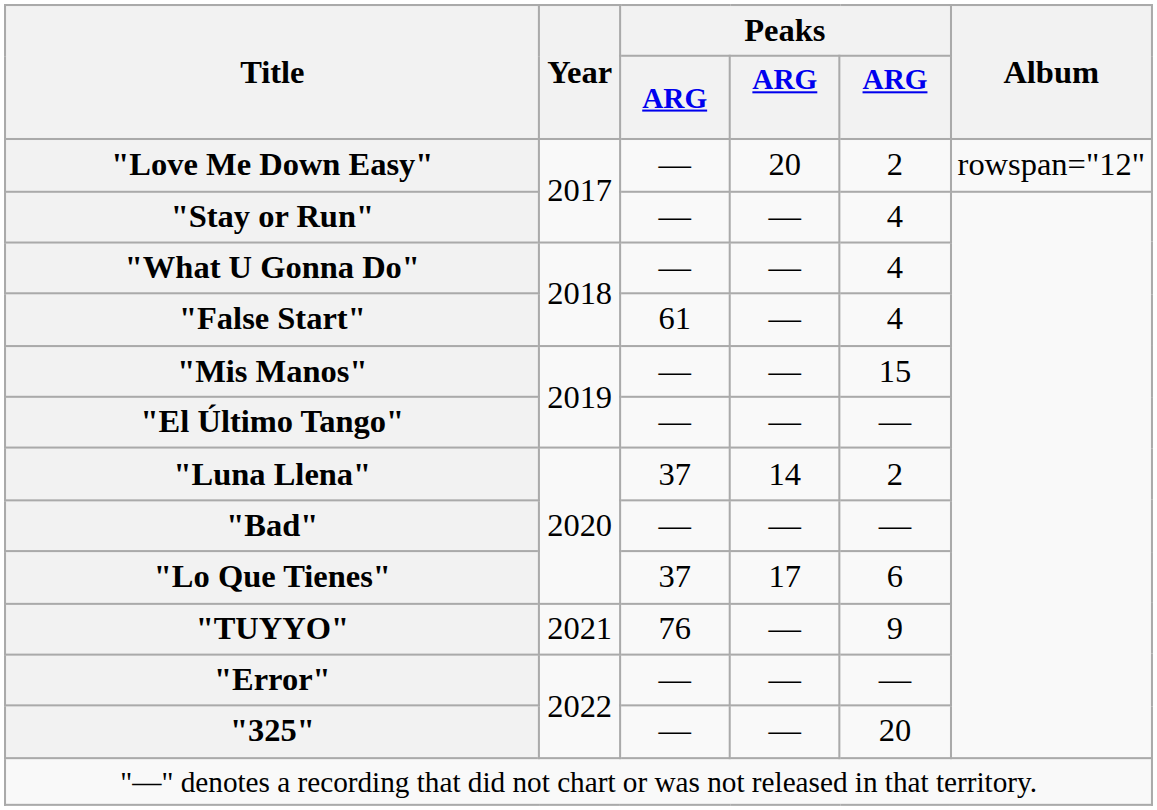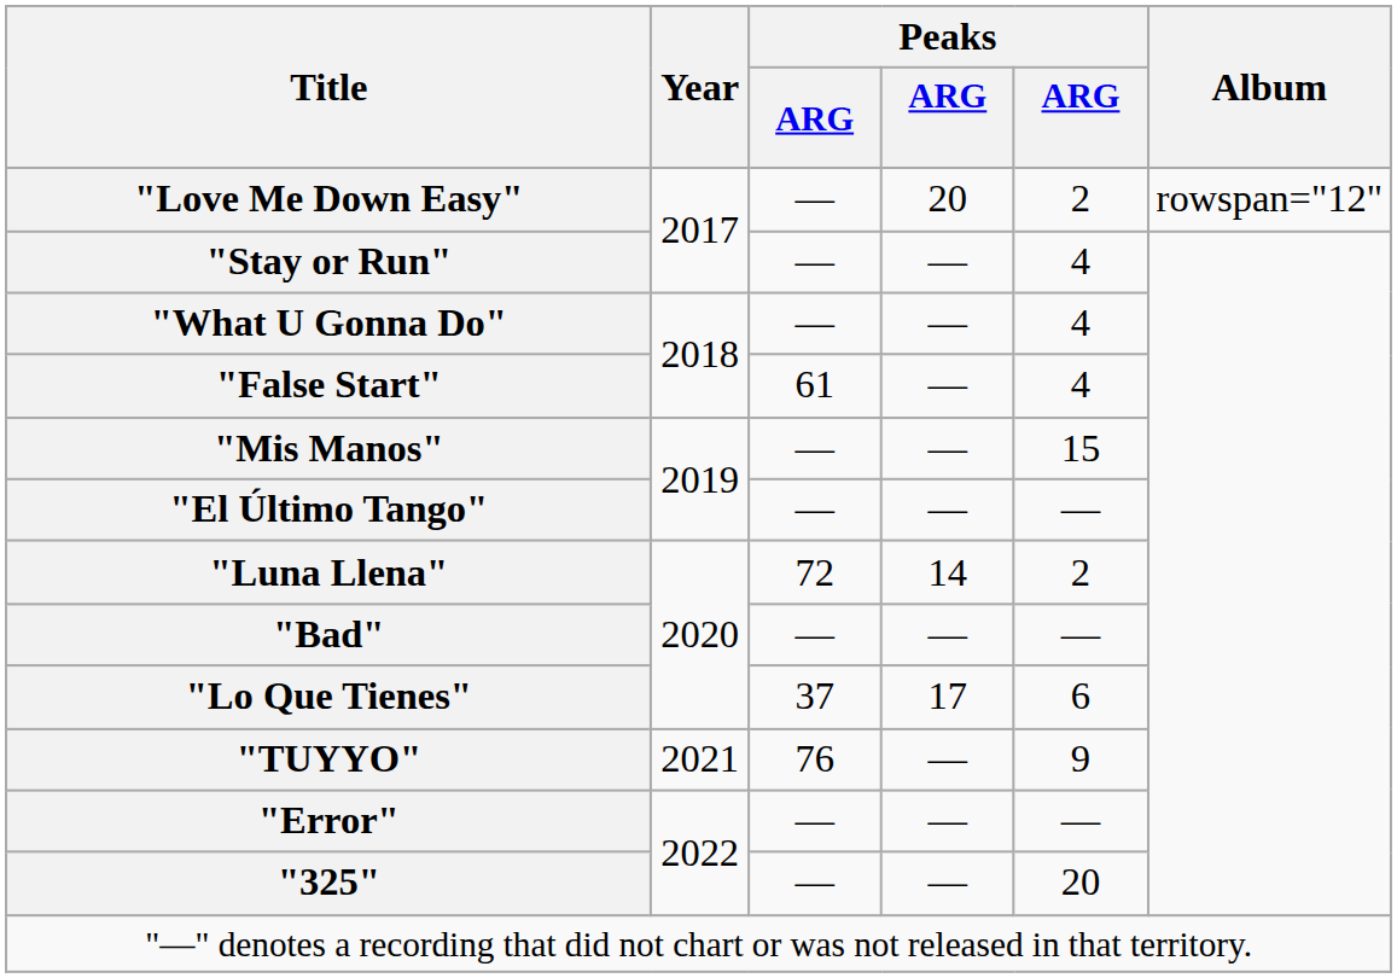 <table class="wikitable plainrowheaders" style="text-align:center;">
 <tr>
 <th scope="col" rowspan="2" style="width:16em;">Title</th>
 <th scope="col" rowspan="2">Year</th>
 <th scope="col" colspan="3">Peaks</th>
 <th scope="col" rowspan="2">Album</th>
 </tr>
 <tr>
 <th scope="col" style="width:3.3em;font-size:90%;"><a href='#'>ARG</a><br></th>
 <th scope="col" style="width:3.3em;font-size:90%;"><a href='#'>ARG<br></a><br></th>
 <th scope="col" style="width:3.3em;font-size:90%;"><a href='#'>ARG<br></a><br></th>
 </tr>
 <tr>
 <th scope="row">"Love Me Down Easy"</th>
 <td rowspan="2">2017</td>
 <td>—</td>
 <td>20</td>
 <td>2</td>
 <td>rowspan="12" </td>
 </tr>
 <tr>
 <th scope="row">"Stay or Run"</th>
 <td>—</td>
 <td>—</td>
 <td>4</td>
 </tr>
 <tr>
 <th scope="row">"What U Gonna Do"</th>
 <td rowspan="2">2018</td>
 <td>—</td>
 <td>—</td>
 <td>4</td>
 </tr>
 <tr>
 <th scope="row">"False Start"</th>
 <td>61</td>
 <td>—</td>
 <td>4</td>
 </tr>
 <tr>
 <th scope="row">"Mis Manos"</th>
 <td rowspan="2">2019</td>
 <td>—</td>
 <td>—</td>
 <td>15</td>
 </tr>
 <tr>
 <th scope="row">"El Último Tango"</th>
 <td>—</td>
 <td>—</td>
 <td>—</td>
 </tr>
 <tr>
 <th scope="row">"Luna Llena"</th>
 <td rowspan="3">2020</td>
-<td>37</td>
+<td>72</td>
 <td>14</td>
 <td>2</td>
 </tr>
 <tr>
 <th scope="row">"Bad"</th>
 <td>—</td>
 <td>—</td>
 <td>—</td>
 </tr>
 <tr>
 <th scope="row">"Lo Que Tienes" </th>
 <td>37</td>
 <td>17</td>
 <td>6</td>
 </tr>
 <tr>
 <th scope="row">"TUYYO" </th>
 <td>2021</td>
 <td>76</td>
 <td>—</td>
 <td>9</td>
 </tr>
 <tr>
 <th scope="row">"Error"</th>
 <td rowspan="2">2022</td>
 <td>—</td>
 <td>—</td>
 <td>—</td>
 </tr>
 <tr>
 <th scope="row">"325"</th>
 <td>—</td>
 <td>—</td>
 <td>20</td>
 </tr>
 <tr>
 <td colspan="14" style="font-size:90%">"—" denotes a recording that did not chart or was not released in that territory.</td>
 </tr>
 </table>
